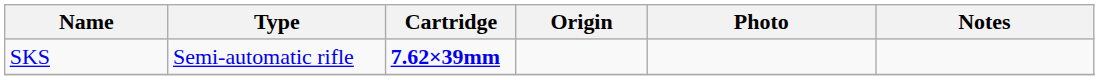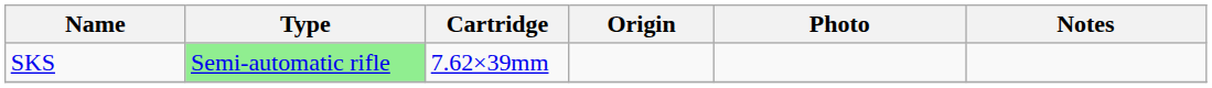 <table class="wikitable" style="width:90%;">
 <tr>
 <th style="width:15%;">Name</th>
 <th style="width:20%;">Type</th>
 <th style="width:12%;">Cartridge</th>
 <th style="width:12%;">Origin</th>
 <th>Photo</th>
 <th style="width:20%;">Notes</th>
 </tr>
 <tr>
 <td><a href='#'>SKS</a></td>
-<td><a href='#'>Semi-automatic rifle</a></td>
-<td><strong><a href='#'>7.62×39mm</a></strong></td>
+<td style="background: lightgreen;"><a href='#'>Semi-automatic rifle</a></td>
+<td><a href='#'>7.62×39mm</a></td>
 <td></td>
 <td></td>
 <td></td>
 </tr>
 <tr>
 </tr>
 </table>
